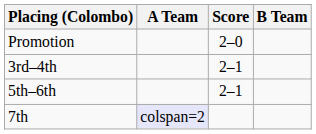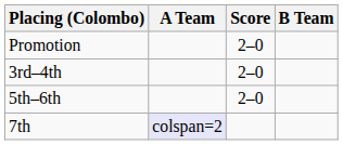 <table class=wikitable style="border:1px solid #AAAAAA;">
 <tr>
 <th>Placing (Colombo)</th>
 <th>A Team</th>
 <th>Score</th>
 <th>B Team</th>
 </tr>
 <tr>
 <td>Promotion</td>
 <td><strong></strong></td>
 <td align="center">2–0</td>
 <td></td>
 </tr>
 <tr>
 <td>3rd–4th</td>
 <td><strong></strong></td>
-<td align="center">2–1</td>
+<td align="center">2–0</td>
 <td></td>
 </tr>
 <tr>
 <td>5th–6th</td>
 <td><strong></strong></td>
-<td align="center">2–1</td>
+<td align="center">2–0</td>
 <td></td>
 </tr>
 <tr>
 <td>7th</td>
 <td style="background: lavender;">colspan=2 </td>
 <td></td>
 </tr>
 </table>
